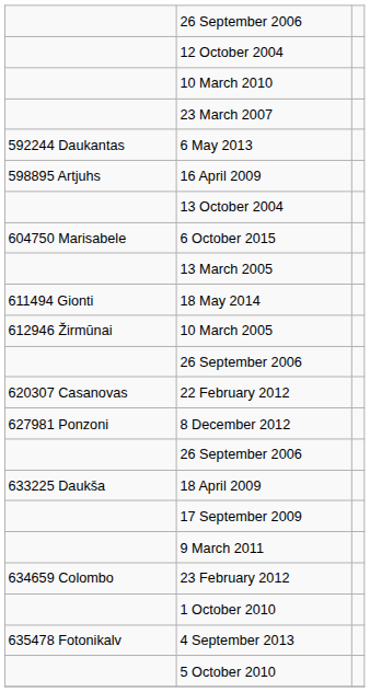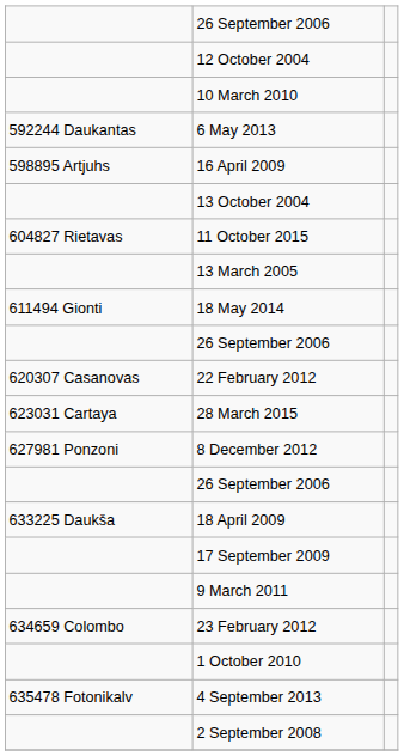 <table class="wikitable" style="font-size: 89%; float: left; width: 26em; margin-right: 1em; height: 700px;">
 <tr>
 <td></td>
 <td>26 September 2006</td>
 <td> </td>
 </tr>
 <tr>
 <td></td>
 <td>12 October 2004</td>
 <td> </td>
 </tr>
 <tr>
 <td></td>
 <td>10 March 2010</td>
-<td> </td>
-</tr>
-<tr>
-<td></td>
-<td>23 March 2007</td>
 <td> </td>
 </tr>
 <tr>
 <td>592244 Daukantas</td>
 <td>6 May 2013</td>
 <td> </td>
 </tr>
 <tr>
 <td>598895 Artjuhs</td>
 <td>16 April 2009</td>
 <td> </td>
 </tr>
 <tr>
 <td></td>
 <td>13 October 2004</td>
 <td> </td>
 </tr>
 <tr>
-<td>604750 Marisabele</td>
-<td>6 October 2015</td>
+<td>604827 Rietavas</td>
+<td>11 October 2015</td>
 <td> </td>
 </tr>
 <tr>
 <td></td>
 <td>13 March 2005</td>
 <td> </td>
 </tr>
 <tr>
 <td>611494 Gionti</td>
 <td>18 May 2014</td>
 <td> </td>
 </tr>
 <tr>
-<td>612946 Žirmūnai</td>
-<td>10 March 2005</td>
-<td></td>
-</tr>
-<tr>
 <td></td>
 <td>26 September 2006</td>
 <td> </td>
 </tr>
 <tr>
 <td>620307 Casanovas</td>
 <td>22 February 2012</td>
+<td> </td>
+</tr>
+<tr>
+<td>623031 Cartaya</td>
+<td>28 March 2015</td>
 <td> </td>
 </tr>
 <tr>
 <td>627981 Ponzoni</td>
 <td>8 December 2012</td>
 <td> </td>
 </tr>
 <tr>
 <td></td>
 <td>26 September 2006</td>
 <td> </td>
 </tr>
 <tr>
 <td>633225 Daukša</td>
 <td>18 April 2009</td>
 <td> </td>
 </tr>
 <tr>
 <td></td>
 <td>17 September 2009</td>
 <td> </td>
 </tr>
 <tr>
 <td></td>
 <td>9 March 2011</td>
 <td></td>
 </tr>
 <tr>
 <td>634659 Colombo</td>
 <td>23 February 2012</td>
 <td> </td>
 </tr>
 <tr>
 <td></td>
 <td>1 October 2010</td>
 <td></td>
 </tr>
 <tr>
 <td>635478 Fotonikalv</td>
 <td>4 September 2013</td>
 <td> </td>
 </tr>
 <tr>
 <td></td>
-<td>5 October 2010</td>
+<td>2 September 2008</td>
 <td></td>
 </tr>
 <tr>
 </tr>
 </table>
